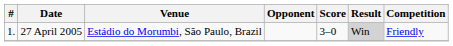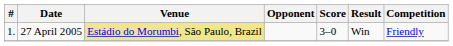 <table class="wikitable" style="font-size:95%;">
 <tr>
 <th>#</th>
 <th>Date</th>
 <th>Venue</th>
 <th>Opponent</th>
 <th>Score</th>
 <th>Result</th>
 <th>Competition</th>
 </tr>
 <tr>
 <td>1.</td>
 <td>27 April 2005</td>
-<td><a href='#'>Estádio do Morumbi</a>, São Paulo, Brazil</td>
+<td style="background: khaki;"><a href='#'>Estádio do Morumbi</a>, São Paulo, Brazil</td>
 <td></td>
 <td>3–0</td>
-<td style="background: lightgrey;">Win</td>
+<td>Win</td>
 <td><a href='#'>Friendly</a></td>
 </tr>
 <tr>
 </tr>
 </table>
